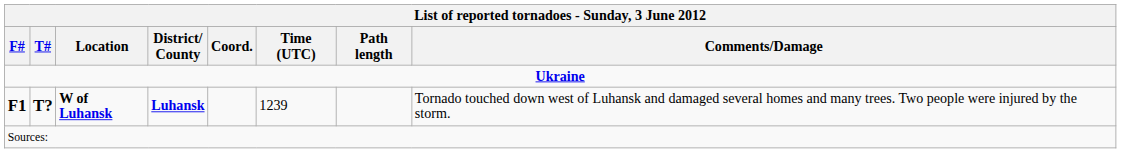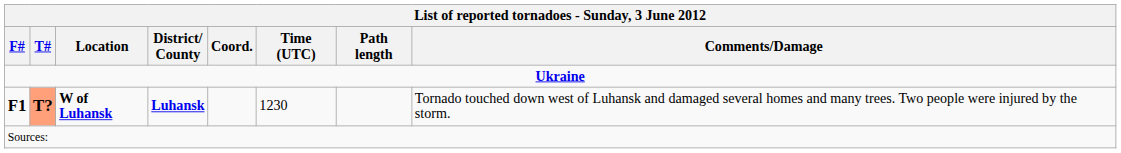 <table class="wikitable collapsible" width="100%">
 <tr>
 <th colspan="8">List of reported tornadoes - Sunday, 3 June 2012</th>
 </tr>
 <tr>
 <th><a href='#'>F#</a></th>
 <th><a href='#'>T#</a></th>
 <th>Location</th>
 <th>District/<br>County</th>
 <th>Coord.</th>
 <th>Time (UTC)</th>
 <th>Path length</th>
 <th>Comments/Damage</th>
 </tr>
 <tr>
 <td colspan="8" align=center><strong><a href='#'>Ukraine</a></strong></td>
 </tr>
 <tr>
 <td><big><strong>F1</strong></big></td>
-<td><big><strong>T?</strong></big></td>
+<td style="background: lightsalmon;"><big><strong>T?</strong></big></td>
 <td><strong>W of <a href='#'>Luhansk</a></strong></td>
 <td><strong><a href='#'>Luhansk</a></strong></td>
 <td></td>
-<td>1239</td>
+<td>1230</td>
 <td></td>
 <td>Tornado touched down west of Luhansk and damaged several homes and many trees. Two people were injured by the storm.</td>
 </tr>
 <tr>
 <td colspan="8"><small>Sources:  </small></td>
 </tr>
 </table>
